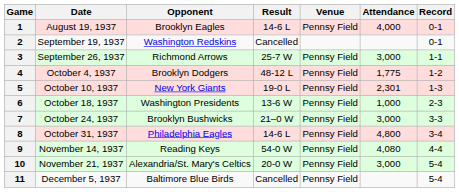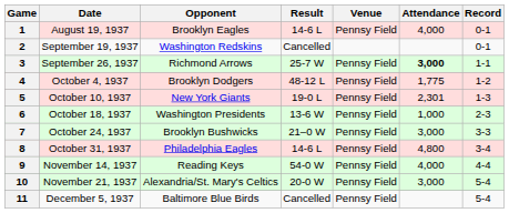 <table class="wikitable" style="text-align:center">
 <tr>
 <th>Game</th>
 <th>Date</th>
 <th>Opponent</th>
 <th>Result</th>
 <th>Venue</th>
 <th>Attendance</th>
 <th>Record</th>
 </tr>
 <tr style="background: #ffdddd;">
 <th scope="row">1</th>
 <td>August 19, 1937</td>
 <td>Brooklyn Eagles</td>
 <td>14-6 L</td>
 <td>Pennsy Field</td>
 <td>4,000</td>
 <td>0-1</td>
 </tr>
 <tr style="background:">
 <th scope="row">2</th>
 <td>September 19, 1937</td>
 <td><a href='#'>Washington Redskins</a></td>
 <td>Cancelled</td>
 <td></td>
 <td></td>
 <td>0-1</td>
 </tr>
 <tr style="background:#dfd;">
 <th scope="row">3</th>
 <td>September 26, 1937</td>
 <td>Richmond Arrows</td>
 <td>25-7 W</td>
 <td>Pennsy Field</td>
-<td>3,000</td>
+<td><strong>3,000</strong></td>
 <td>1-1</td>
 </tr>
 <tr style="background: #ffdddd;">
 <th scope="row">4</th>
 <td>October 4, 1937</td>
 <td>Brooklyn Dodgers</td>
 <td>48-12 L</td>
 <td>Pennsy Field</td>
 <td>1,775</td>
 <td>1-2</td>
 </tr>
 <tr style="background: #ffdddd;">
 <th scope="row">5</th>
 <td>October 10, 1937</td>
 <td><a href='#'>New York Giants</a></td>
 <td>19-0 L</td>
 <td>Pennsy Field</td>
 <td>2,301</td>
 <td>1-3</td>
 </tr>
 <tr style="background:#dfd;">
 <th scope="row">6</th>
 <td>October 18, 1937</td>
 <td>Washington Presidents</td>
 <td>13-6 W</td>
 <td>Pennsy Field</td>
 <td>1,000</td>
 <td>2-3</td>
 </tr>
 <tr style="background:#dfd;">
 <th scope="row">7</th>
 <td>October 24, 1937</td>
 <td>Brooklyn Bushwicks</td>
 <td>21–0 W</td>
 <td>Pennsy Field</td>
 <td>3,000</td>
 <td>3-3</td>
 </tr>
 <tr style="background: #ffdddd;">
 <th scope="row">8</th>
 <td>October 31, 1937</td>
 <td><a href='#'>Philadelphia Eagles</a></td>
 <td>14-6 L</td>
 <td>Pennsy Field</td>
 <td>4,800</td>
 <td>3-4</td>
 </tr>
 <tr style="background:#dfd;">
 <th scope="row">9</th>
 <td>November 14, 1937</td>
 <td>Reading Keys</td>
 <td>54-0 W</td>
 <td>Pennsy Field</td>
-<td>4,080</td>
+<td>4,000</td>
 <td>4-4</td>
 </tr>
 <tr style="background:#dfd;">
 <th scope="row">10</th>
 <td>November 21, 1937</td>
 <td>Alexandria/St. Mary's Celtics</td>
 <td>20-0 W</td>
 <td>Pennsy Field</td>
 <td>3,000</td>
 <td>5-4</td>
 </tr>
 <tr style="background:">
 <th scope="row">11</th>
 <td>December 5, 1937</td>
 <td>Baltimore Blue Birds</td>
 <td>Cancelled</td>
 <td>Pennsy Field</td>
 <td></td>
 <td>5-4</td>
 </tr>
 </table>
